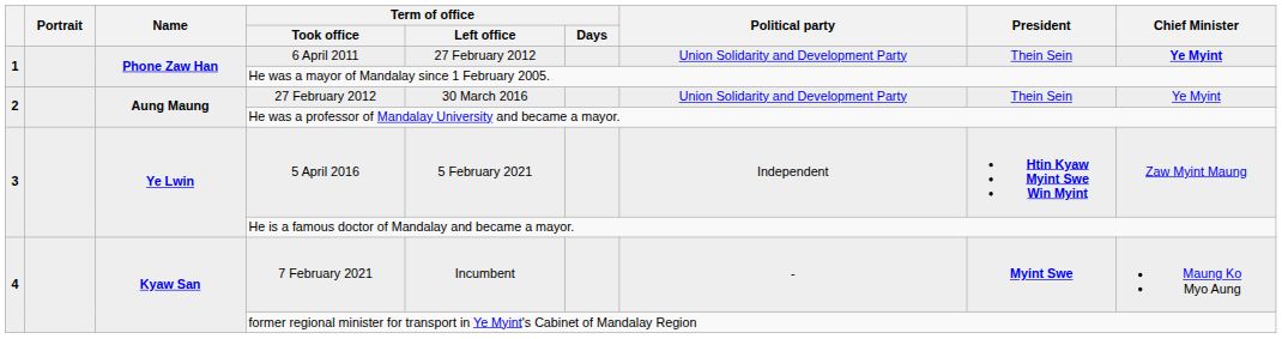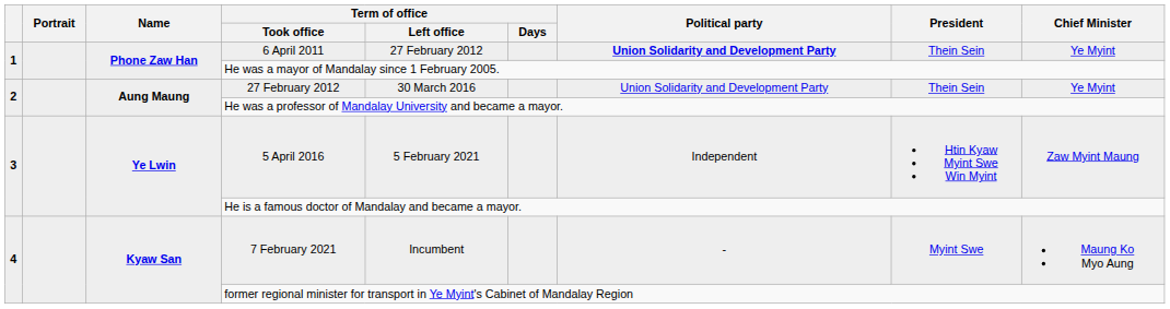 <table class="wikitable" style="text-align:center; width:100%; border:1px #AAAAFF solid">
 <tr>
 <th rowspan=2></th>
 <th width=80 rowspan=2>Portrait</th>
 <th rowspan=2>Name</th>
 <th colspan=3>Term of office</th>
 <th rowspan=2>Political party</th>
 <th rowspan=2 colspan=1>President</th>
 <th rowspan=2>Chief Minister</th>
 </tr>
 <tr>
 <th>Took office</th>
 <th>Left office</th>
 <th>Days</th>
 </tr>
 <tr style="background:#EEEEEE">
 <td rowspan=2 style="background:"><strong>1</strong></td>
 <td rowspan=2></td>
 <td rowspan=2><strong><a href='#'>Phone Zaw Han</a></strong></td>
 <td>6 April 2011</td>
 <td>27 February 2012</td>
 <td></td>
-<td><a href='#'>Union Solidarity and Development Party</a></td>
+<td><strong><a href='#'>Union Solidarity and Development Party</a></strong></td>
 <td><a href='#'>Thein Sein</a></td>
-<td><strong><a href='#'>Ye Myint</a></strong></td>
+<td><a href='#'>Ye Myint</a></td>
 </tr>
 <tr>
 <td colspan="6" align="left">He was  a mayor of Mandalay since 1 February 2005.</td>
 </tr>
 <tr style="background:#EEEEEE">
 <td rowspan=2 style="background:"><strong>2</strong></td>
 <td rowspan=2></td>
 <td rowspan=2><strong>Aung Maung</strong></td>
 <td>27 February 2012</td>
 <td>30 March 2016</td>
 <td></td>
 <td><a href='#'>Union Solidarity and Development Party</a></td>
 <td><a href='#'>Thein Sein</a></td>
 <td><a href='#'>Ye Myint</a></td>
 </tr>
 <tr>
 <td colspan="6" align="left">He was a professor of <a href='#'>Mandalay University</a> and became a mayor.</td>
 </tr>
 <tr style="background:#EEEEEE">
 <td rowspan=2 style="background:"><strong>3</strong></td>
 <td rowspan=2></td>
 <td rowspan=2><strong><a href='#'>Ye Lwin</a></strong></td>
 <td>5 April 2016</td>
 <td>5 February 2021</td>
 <td></td>
 <td>Independent</td>
-<td><strong><br><ul><li><a href='#'>Htin Kyaw</a></li><li><a href='#'>Myint Swe</a> </li><li><a href='#'>Win Myint</a></li></ul></strong></td>
+<td><br><ul><li><a href='#'>Htin Kyaw</a></li><li><a href='#'>Myint Swe</a> </li><li><a href='#'>Win Myint</a></li></ul></td>
 <td><a href='#'>Zaw Myint Maung</a></td>
 </tr>
 <tr>
 <td colspan="6" align="left">He is a famous doctor of Mandalay and became a mayor.</td>
 </tr>
 <tr style="background:#EEEEEE">
 <td rowspan=2 style="background:"><strong>4</strong></td>
 <td rowspan=2></td>
 <td rowspan=2><strong><a href='#'>Kyaw San</a></strong></td>
 <td>7 February 2021</td>
 <td>Incumbent</td>
 <td></td>
 <td>-</td>
-<td><strong><a href='#'>Myint Swe</a> </strong></td>
+<td><a href='#'>Myint Swe</a> </td>
 <td><br><ul><li><a href='#'>Maung Ko</a></li><li>Myo Aung</li></ul></td>
 </tr>
 <tr>
 <td colspan="6" align="left">former regional minister for transport in <a href='#'>Ye Myint</a>'s Cabinet of Mandalay Region</td>
 </tr>
 </table>
